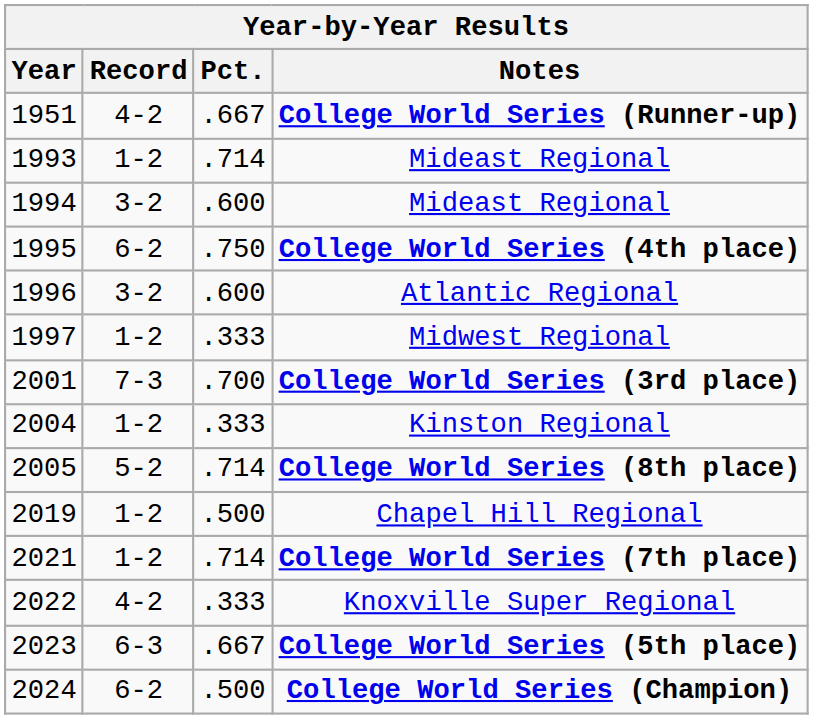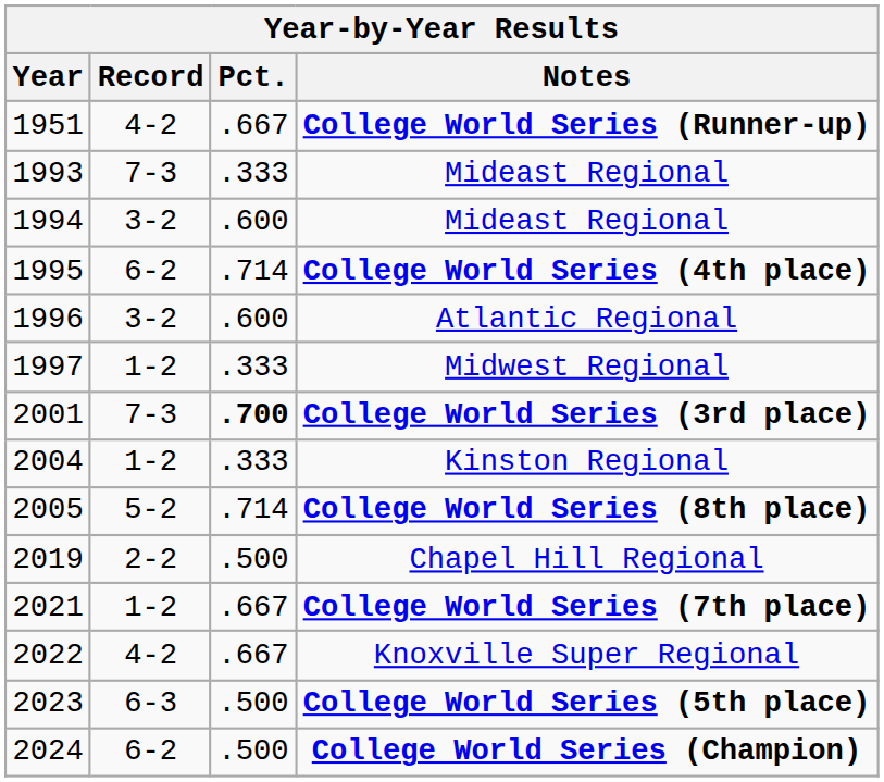 <table class="wikitable sortable collapsible" style="text-align:center">
 <tr>
 <th colspan=6>Year-by-Year Results</th>
 </tr>
 <tr>
 <th>Year</th>
 <th>Record</th>
 <th>Pct.</th>
 <th>Notes</th>
 </tr>
 <tr>
 <td>1951</td>
 <td>4-2</td>
 <td>.667</td>
 <td><strong><a href='#'>College World Series</a> (Runner-up)</strong></td>
 </tr>
 <tr>
 <td>1993</td>
-<td>1-2</td>
-<td>.714</td>
+<td>7-3</td>
+<td>.333</td>
 <td><a href='#'>Mideast Regional</a></td>
 </tr>
 <tr>
 <td>1994</td>
 <td>3-2</td>
 <td>.600</td>
 <td><a href='#'>Mideast Regional</a></td>
 </tr>
 <tr>
 <td>1995</td>
 <td>6-2</td>
-<td>.750</td>
+<td>.714</td>
 <td><strong><a href='#'>College World Series</a> (4th place)</strong></td>
 </tr>
 <tr>
 <td>1996</td>
 <td>3-2</td>
 <td>.600</td>
 <td><a href='#'>Atlantic Regional</a></td>
 </tr>
 <tr>
 <td>1997</td>
 <td>1-2</td>
 <td>.333</td>
 <td><a href='#'>Midwest Regional</a></td>
 </tr>
 <tr>
 <td>2001</td>
 <td>7-3</td>
-<td>.700</td>
+<td><strong>.700</strong></td>
 <td><strong><a href='#'>College World Series</a> (3rd place)</strong></td>
 </tr>
 <tr>
 <td>2004</td>
 <td>1-2</td>
 <td>.333</td>
 <td><a href='#'>Kinston Regional</a></td>
 </tr>
 <tr>
 <td>2005</td>
 <td>5-2</td>
 <td>.714</td>
 <td><strong><a href='#'>College World Series</a> (8th place)</strong></td>
 </tr>
 <tr>
 <td>2019</td>
-<td>1-2</td>
+<td>2-2</td>
 <td>.500</td>
 <td><a href='#'>Chapel Hill Regional</a></td>
 </tr>
 <tr>
 <td>2021</td>
 <td>1-2</td>
-<td>.714</td>
+<td>.667</td>
 <td><strong><a href='#'>College World Series</a> (7th place)</strong></td>
 </tr>
 <tr>
 <td>2022</td>
 <td>4-2</td>
-<td>.333</td>
+<td>.667</td>
 <td><a href='#'>Knoxville Super Regional</a></td>
 </tr>
 <tr>
 <td>2023</td>
 <td>6-3</td>
-<td>.667</td>
+<td>.500</td>
 <td><strong><a href='#'>College World Series</a> (5th place)</strong></td>
 </tr>
 <tr>
 <td>2024</td>
 <td>6-2</td>
 <td>.500</td>
 <td><strong><a href='#'>College World Series</a> (Champion)</strong></td>
 </tr>
 </table>
